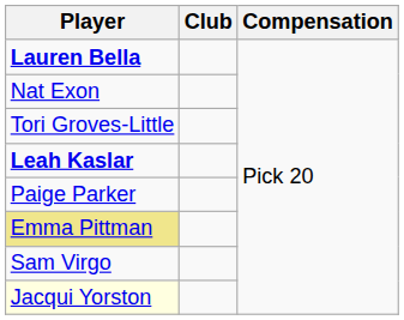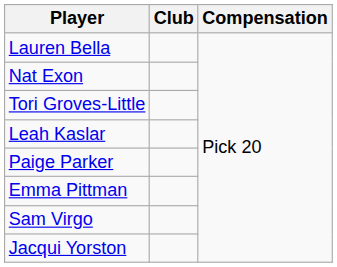 <table class="wikitable plainrowheaders">
 <tr>
 <th scope="col"><strong>Player</strong></th>
 <th scope="col"><strong>Club</strong></th>
 <th scope="col"><strong>Compensation</strong></th>
 </tr>
 <tr>
-<td><strong><a href='#'>Lauren Bella</a></strong></td>
+<td><a href='#'>Lauren Bella</a></td>
 <td></td>
 <td rowspan="8">Pick 20</td>
 </tr>
 <tr>
 <td><a href='#'>Nat Exon</a></td>
 <td></td>
 </tr>
 <tr>
 <td><a href='#'>Tori Groves-Little</a></td>
 <td></td>
 </tr>
 <tr>
-<td><strong><a href='#'>Leah Kaslar</a></strong></td>
+<td><a href='#'>Leah Kaslar</a></td>
 <td></td>
 </tr>
 <tr>
 <td><a href='#'>Paige Parker</a></td>
 <td></td>
 </tr>
 <tr>
-<td style="background: khaki;"><a href='#'>Emma Pittman</a></td>
+<td><a href='#'>Emma Pittman</a></td>
 <td></td>
 </tr>
 <tr>
 <td><a href='#'>Sam Virgo</a></td>
 <td></td>
 </tr>
 <tr>
-<td style="background: lightyellow;"><a href='#'>Jacqui Yorston</a></td>
+<td><a href='#'>Jacqui Yorston</a></td>
 <td></td>
 </tr>
 </table>
